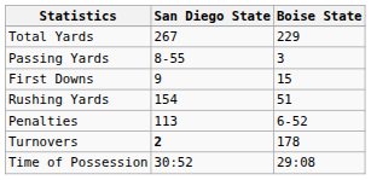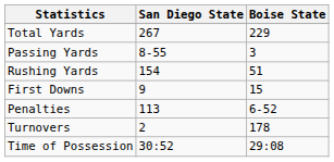 <table class="wikitable">
 <tr>
 <th>Statistics</th>
 <th>San Diego State</th>
 <th>Boise State</th>
 </tr>
 <tr>
 </tr>
 <tr>
 <td>Total Yards</td>
 <td>267</td>
 <td>229</td>
 </tr>
 <tr>
 <td>Passing Yards</td>
 <td>8-55</td>
 <td>3</td>
 </tr>
 <tr>
+<td>Rushing Yards</td>
+<td>154</td>
+<td>51</td>
+</tr>
+<tr>
 <td>First Downs</td>
 <td>9</td>
 <td>15</td>
-</tr>
-<tr>
-<td>Rushing Yards</td>
-<td>154</td>
-<td>51</td>
 </tr>
 <tr>
 <td>Penalties</td>
 <td>113</td>
 <td>6-52</td>
 </tr>
 <tr>
 <td>Turnovers</td>
-<td><strong>2</strong></td>
+<td>2</td>
 <td>178</td>
 </tr>
 <tr>
 <td>Time of Possession</td>
 <td>30:52</td>
 <td>29:08</td>
 </tr>
 </table>
